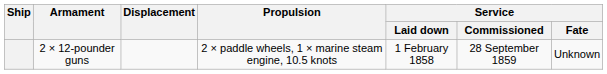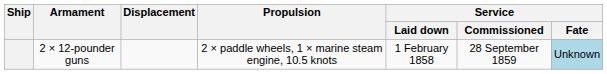 <table class="wikitable plainrowheaders" style="text-align: center;">
 <tr valign="top">
 <th scope="col" rowspan="2">Ship</th>
 <th scope="col" rowspan="2">Armament</th>
 <th scope="col" rowspan="2">Displacement</th>
 <th scope="col" rowspan="2">Propulsion</th>
 <th scope="col" colspan="3">Service</th>
 </tr>
 <tr valign="top">
 <th scope="col">Laid down</th>
 <th scope="col">Commissioned</th>
 <th scope="col">Fate</th>
 </tr>
 <tr valign="center">
 <th scope="row"></th>
 <td>2 × 12-pounder guns</td>
 <td></td>
 <td>2 × paddle wheels, 1 × marine steam engine, 10.5 knots</td>
 <td>1 February 1858</td>
 <td>28 September 1859</td>
-<td>Unknown</td>
+<td style="background: lightblue;">Unknown</td>
 </tr>
 </table>
